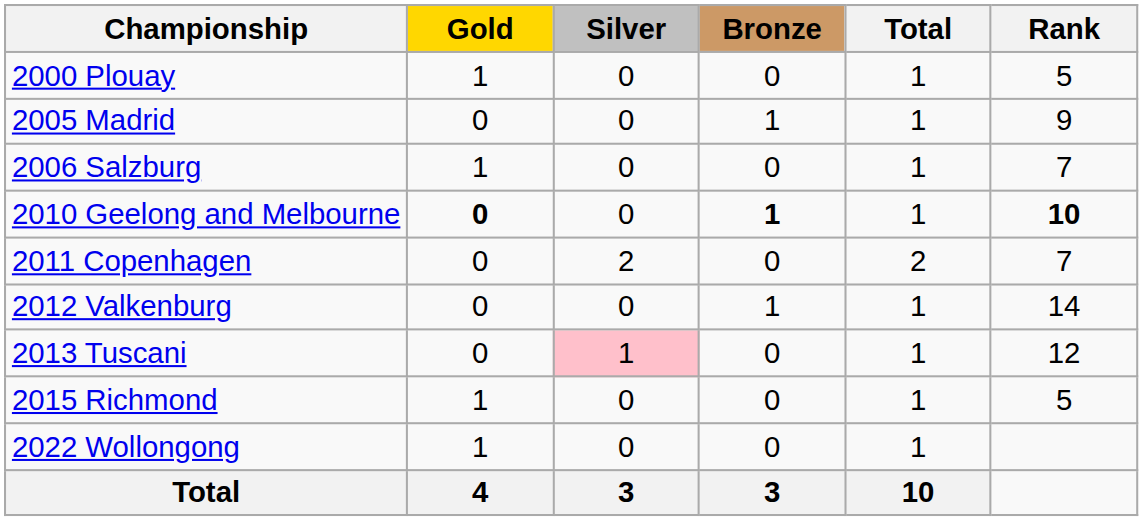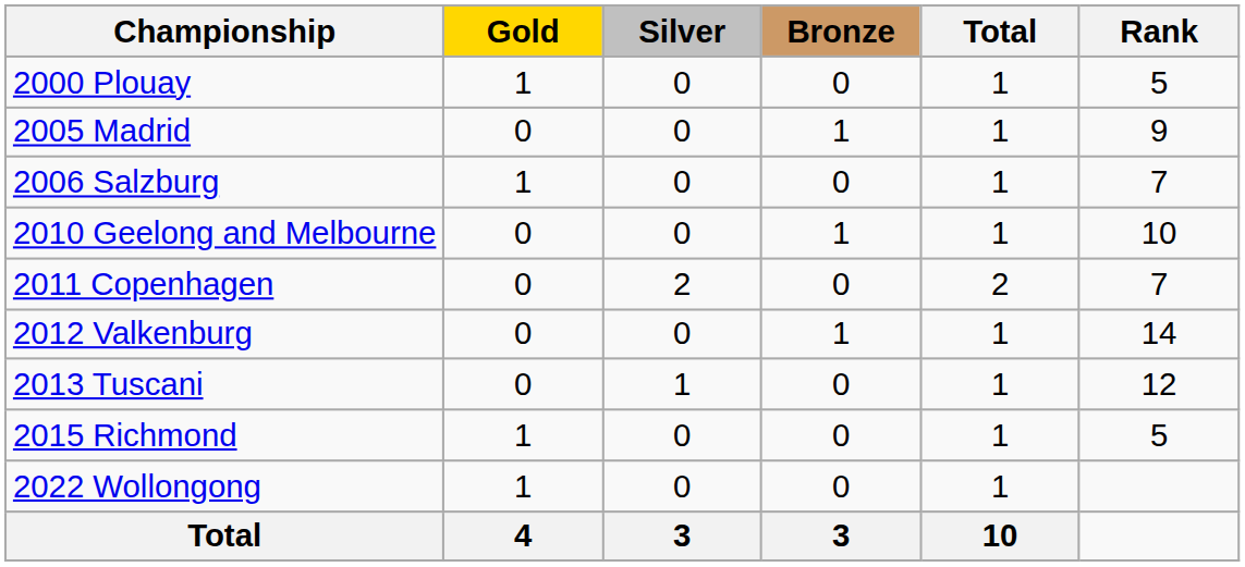 <table class="wikitable sortable" border="1" style="text-align:center; font-size:90%;">
 <tr>
 <th style="width:15:em;">Championship</th>
 <td style="background:gold; width:4.5em; font-weight:bold;">Gold</td>
 <td style="background:silver; width:4.5em; font-weight:bold;">Silver</td>
 <td style="background:#cc9966; width:4.5em; font-weight:bold;">Bronze</td>
 <th style="width:4.5em;">Total</th>
 <th style="width:4.5em;">Rank</th>
 </tr>
 <tr>
 <td align=left> <a href='#'>2000 Plouay</a></td>
 <td>1</td>
 <td>0</td>
 <td>0</td>
 <td>1</td>
 <td>5</td>
 </tr>
 <tr>
 <td align=left> <a href='#'>2005 Madrid</a></td>
 <td>0</td>
 <td>0</td>
 <td>1</td>
 <td>1</td>
 <td>9</td>
 </tr>
 <tr>
 <td align=left> <a href='#'>2006 Salzburg</a></td>
 <td>1</td>
 <td>0</td>
 <td>0</td>
 <td>1</td>
 <td>7</td>
 </tr>
 <tr>
 <td align=left> <a href='#'>2010 Geelong and Melbourne</a></td>
-<td><strong>0</strong></td>
 <td>0</td>
-<td><strong>1</strong></td>
+<td>0</td>
 <td>1</td>
-<td><strong>10</strong></td>
+<td>1</td>
+<td>10</td>
 </tr>
 <tr>
 <td align=left> <a href='#'>2011 Copenhagen</a></td>
 <td>0</td>
 <td>2</td>
 <td>0</td>
 <td>2</td>
 <td>7</td>
 </tr>
 <tr>
 <td align=left> <a href='#'>2012 Valkenburg</a></td>
 <td>0</td>
 <td>0</td>
 <td>1</td>
 <td>1</td>
 <td>14</td>
 </tr>
 <tr>
 <td align=left> <a href='#'>2013 Tuscani</a></td>
 <td>0</td>
-<td style="background: pink;">1</td>
+<td>1</td>
 <td>0</td>
 <td>1</td>
 <td>12</td>
 </tr>
 <tr>
 <td align=left> <a href='#'>2015 Richmond</a></td>
 <td>1</td>
 <td>0</td>
 <td>0</td>
 <td>1</td>
 <td>5</td>
 </tr>
 <tr>
 <td align=left> <a href='#'>2022 Wollongong</a></td>
 <td>1</td>
 <td>0</td>
 <td>0</td>
 <td>1</td>
 <td></td>
 </tr>
 <tr>
 <th>Total</th>
 <th>4</th>
 <th>3</th>
 <th>3</th>
 <th>10</th>
 </tr>
 </table>
